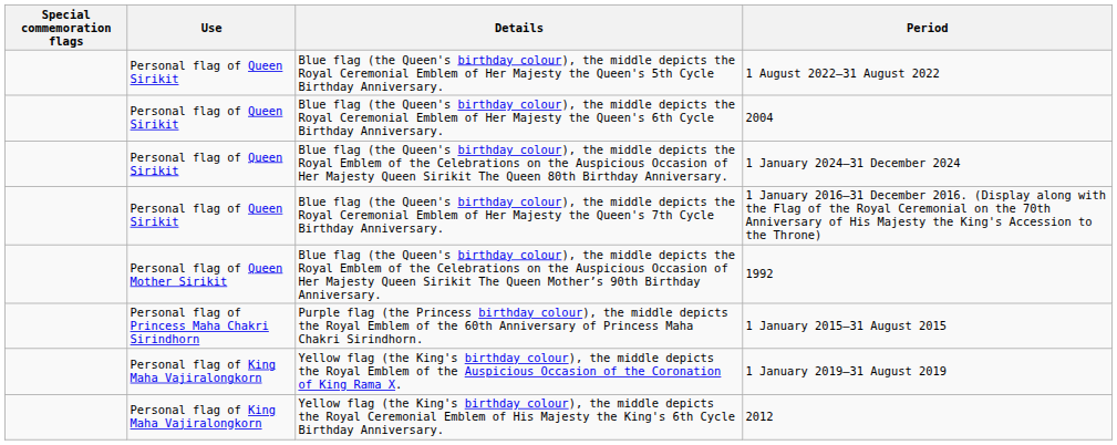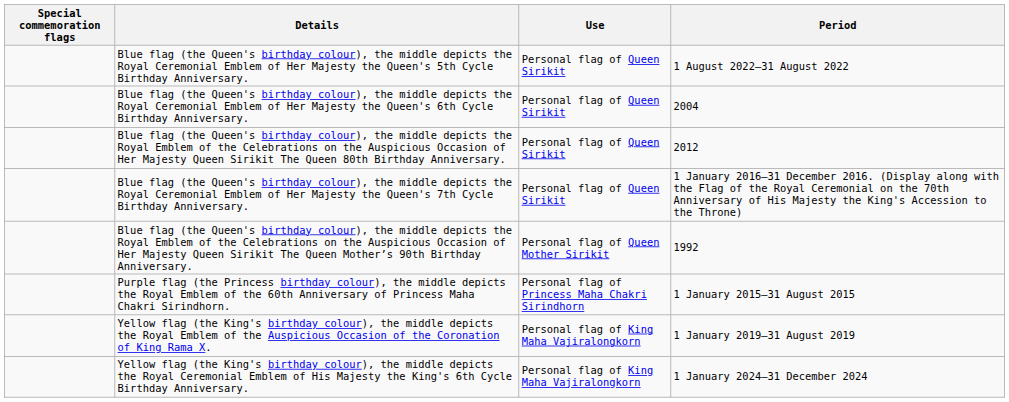 <table class="wikitable">
 <tr>
 <th>Special commemoration flags</th>
+<th>Details</th>
 <th>Use</th>
-<th>Details</th>
 <th>Period</th>
 </tr>
 <tr>
 <td></td>
+<td>Blue flag (the Queen's <a href='#'>birthday colour</a>), the middle depicts the Royal Ceremonial Emblem of Her Majesty the Queen's 5th Cycle Birthday Anniversary.</td>
 <td>Personal flag of <a href='#'>Queen Sirikit</a></td>
-<td>Blue flag (the Queen's <a href='#'>birthday colour</a>), the middle depicts the Royal Ceremonial Emblem of Her Majesty the Queen's 5th Cycle Birthday Anniversary.</td>
 <td>1 August 2022–31 August 2022</td>
 </tr>
 <tr>
 <td></td>
+<td>Blue flag (the Queen's <a href='#'>birthday colour</a>), the middle depicts the Royal Ceremonial Emblem of Her Majesty the Queen's 6th Cycle Birthday Anniversary.</td>
 <td>Personal flag of <a href='#'>Queen Sirikit</a></td>
-<td>Blue flag (the Queen's <a href='#'>birthday colour</a>), the middle depicts the Royal Ceremonial Emblem of Her Majesty the Queen's 6th Cycle Birthday Anniversary.</td>
 <td>2004</td>
 </tr>
 <tr>
 <td></td>
+<td>Blue flag (the Queen's <a href='#'>birthday colour</a>), the middle depicts the Royal Emblem of the Celebrations on the Auspicious Occasion of Her Majesty Queen Sirikit The Queen 80th Birthday Anniversary.</td>
 <td>Personal flag of <a href='#'>Queen Sirikit</a></td>
-<td>Blue flag (the Queen's <a href='#'>birthday colour</a>), the middle depicts the Royal Emblem of the Celebrations on the Auspicious Occasion of Her Majesty Queen Sirikit The Queen 80th Birthday Anniversary.</td>
-<td>1 January 2024–31 December 2024</td>
+<td>2012</td>
 </tr>
 <tr>
 <td></td>
+<td>Blue flag (the Queen's <a href='#'>birthday colour</a>), the middle depicts the Royal Ceremonial Emblem of Her Majesty the Queen's 7th Cycle Birthday Anniversary.</td>
 <td>Personal flag of <a href='#'>Queen Sirikit</a></td>
-<td>Blue flag (the Queen's <a href='#'>birthday colour</a>), the middle depicts the Royal Ceremonial Emblem of Her Majesty the Queen's 7th Cycle Birthday Anniversary.</td>
 <td>1 January 2016–31 December 2016. (Display along with the Flag of the Royal Ceremonial on the 70th Anniversary of His Majesty the King's Accession to the Throne)</td>
 </tr>
 <tr>
 <td></td>
+<td>Blue flag (the Queen's <a href='#'>birthday colour</a>), the middle depicts the Royal Emblem of the  Celebrations on the Auspicious Occasion of Her Majesty Queen Sirikit The Queen Mother’s 90th Birthday Anniversary.</td>
 <td>Personal flag of <a href='#'>Queen Mother Sirikit</a></td>
-<td>Blue flag (the Queen's <a href='#'>birthday colour</a>), the middle depicts the Royal Emblem of the  Celebrations on the Auspicious Occasion of Her Majesty Queen Sirikit The Queen Mother’s 90th Birthday Anniversary.</td>
 <td>1992</td>
 </tr>
 <tr>
 <td></td>
+<td>Purple flag (the Princess <a href='#'>birthday colour</a>), the middle depicts the Royal Emblem of the 60th Anniversary of Princess Maha Chakri Sirindhorn.</td>
 <td>Personal flag of <a href='#'>Princess Maha Chakri Sirindhorn</a></td>
-<td>Purple flag (the Princess <a href='#'>birthday colour</a>), the middle depicts the Royal Emblem of the 60th Anniversary of Princess Maha Chakri Sirindhorn.</td>
 <td>1 January 2015–31 August 2015</td>
 </tr>
 <tr>
 <td></td>
+<td>Yellow flag (the King's <a href='#'>birthday colour</a>), the middle depicts the Royal Emblem of the <a href='#'>Auspicious Occasion of the Coronation of King Rama X</a>.</td>
 <td>Personal flag of <a href='#'>King</a> <a href='#'>Maha Vajiralongkorn</a></td>
-<td>Yellow flag (the King's <a href='#'>birthday colour</a>), the middle depicts the Royal Emblem of the <a href='#'>Auspicious Occasion of the Coronation of King Rama X</a>.</td>
 <td>1 January 2019–31 August 2019</td>
 </tr>
 <tr>
 <td></td>
+<td>Yellow flag (the King's <a href='#'>birthday colour</a>), the middle depicts the Royal Ceremonial Emblem of His Majesty the King's 6th Cycle Birthday Anniversary.</td>
 <td>Personal flag of <a href='#'>King</a> <a href='#'>Maha Vajiralongkorn</a></td>
-<td>Yellow flag (the King's <a href='#'>birthday colour</a>), the middle depicts the Royal Ceremonial Emblem of His Majesty the King's 6th Cycle Birthday Anniversary.</td>
-<td>2012</td>
+<td>1 January 2024–31 December 2024</td>
 </tr>
 </table>
